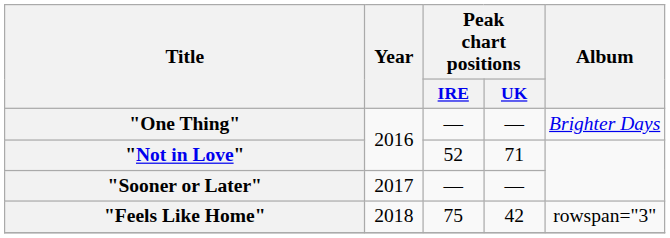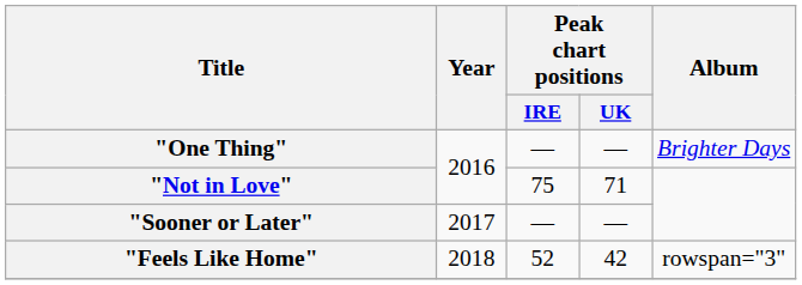 <table class="wikitable plainrowheaders" style="text-align:center;">
 <tr>
 <th scope="col" rowspan="2" style="width:18em;">Title</th>
 <th scope="col" rowspan="2" style="width:2.5em;">Year</th>
 <th colspan="2">Peak<br>chart<br>positions</th>
 <th scope="col" rowspan="2">Album</th>
 </tr>
 <tr>
 <th scope="col" style="width:3em;font-size:90%;"><a href='#'>IRE</a><br></th>
 <th scope="col" style="width:3em;font-size:90%;"><a href='#'>UK</a><br></th>
 </tr>
 <tr>
 <th scope="row">"One Thing"<br></th>
 <td rowspan="2">2016</td>
 <td>—</td>
 <td>—</td>
 <td><em><a href='#'>Brighter Days</a></em></td>
 </tr>
 <tr>
 <th scope="row">"<a href='#'>Not in Love</a>"<br></th>
-<td>52</td>
+<td>75</td>
 <td>71</td>
 </tr>
 <tr>
 <th scope="row">"Sooner or Later" <br></th>
 <td>2017</td>
 <td>—</td>
 <td>—</td>
 </tr>
 <tr>
 <th scope="row">"Feels Like Home" <br></th>
 <td>2018</td>
-<td>75</td>
+<td>52</td>
 <td>42</td>
 <td>rowspan="3" </td>
 </tr>
 <tr>
 </tr>
 </table>
